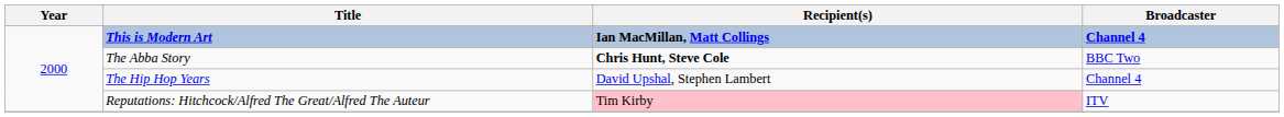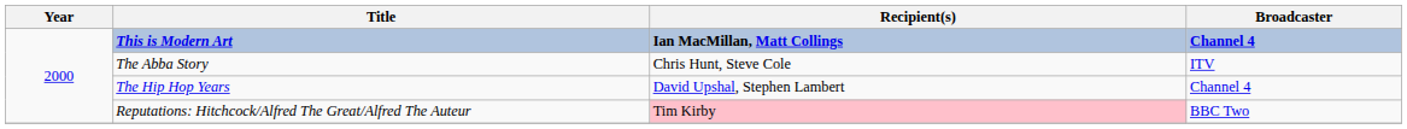 <table class="wikitable" width="95%">
 <tr>
 <th width=5%>Year</th>
 <th width=25%>Title</th>
 <th width=25%><strong>Recipient(s)</strong></th>
 <th width=10%><strong>Broadcaster</strong></th>
 </tr>
 <tr>
 <td rowspan="4" style="text-align:center;"><a href='#'>2000</a></td>
 <td style="background:#B0C4DE;"><strong><em><a href='#'>This is Modern Art</a></em></strong></td>
 <td style="background:#B0C4DE;"><strong>Ian MacMillan, <a href='#'>Matt Collings</a></strong></td>
 <td style="background:#B0C4DE;"><strong><a href='#'>Channel 4</a></strong></td>
 </tr>
 <tr>
 <td><em>The Abba Story</em></td>
-<td><strong>Chris Hunt, Steve Cole</strong></td>
-<td><a href='#'>BBC Two</a></td>
+<td>Chris Hunt, Steve Cole</td>
+<td><a href='#'>ITV</a></td>
 </tr>
 <tr>
 <td><em><a href='#'>The Hip Hop Years</a></em></td>
 <td><a href='#'>David Upshal</a>, Stephen Lambert</td>
 <td><a href='#'>Channel 4</a></td>
 </tr>
 <tr>
 <td><em>Reputations: Hitchcock/Alfred The Great/Alfred The Auteur</em></td>
 <td style="background: pink;">Tim Kirby</td>
-<td><a href='#'>ITV</a></td>
+<td><a href='#'>BBC Two</a></td>
 </tr>
 <tr>
 </tr>
 </table>
